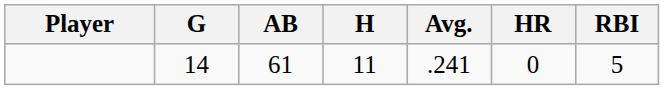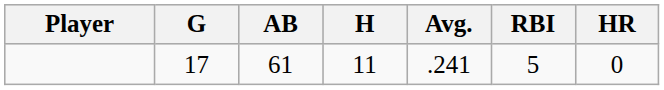 <table class="wikitable sortable">
 <tr>
 <th bgcolor="#DDDDFF" width="16%">Player</th>
 <th bgcolor="#DDDDFF" width="9%">G</th>
 <th bgcolor="#DDDDFF" width="9%">AB</th>
 <th bgcolor="#DDDDFF" width="9%">H</th>
 <th bgcolor="#DDDDFF" width="9%">Avg.</th>
+<th bgcolor="#DDDDFF" width="9%">RBI</th>
 <th bgcolor="#DDDDFF" width="9%">HR</th>
-<th bgcolor="#DDDDFF" width="9%">RBI</th>
 </tr>
 <tr align="center">
 <td></td>
-<td>14</td>
+<td>17</td>
 <td>61</td>
 <td>11</td>
 <td>.241</td>
+<td>5</td>
 <td>0</td>
-<td>5</td>
 </tr>
 </table>
